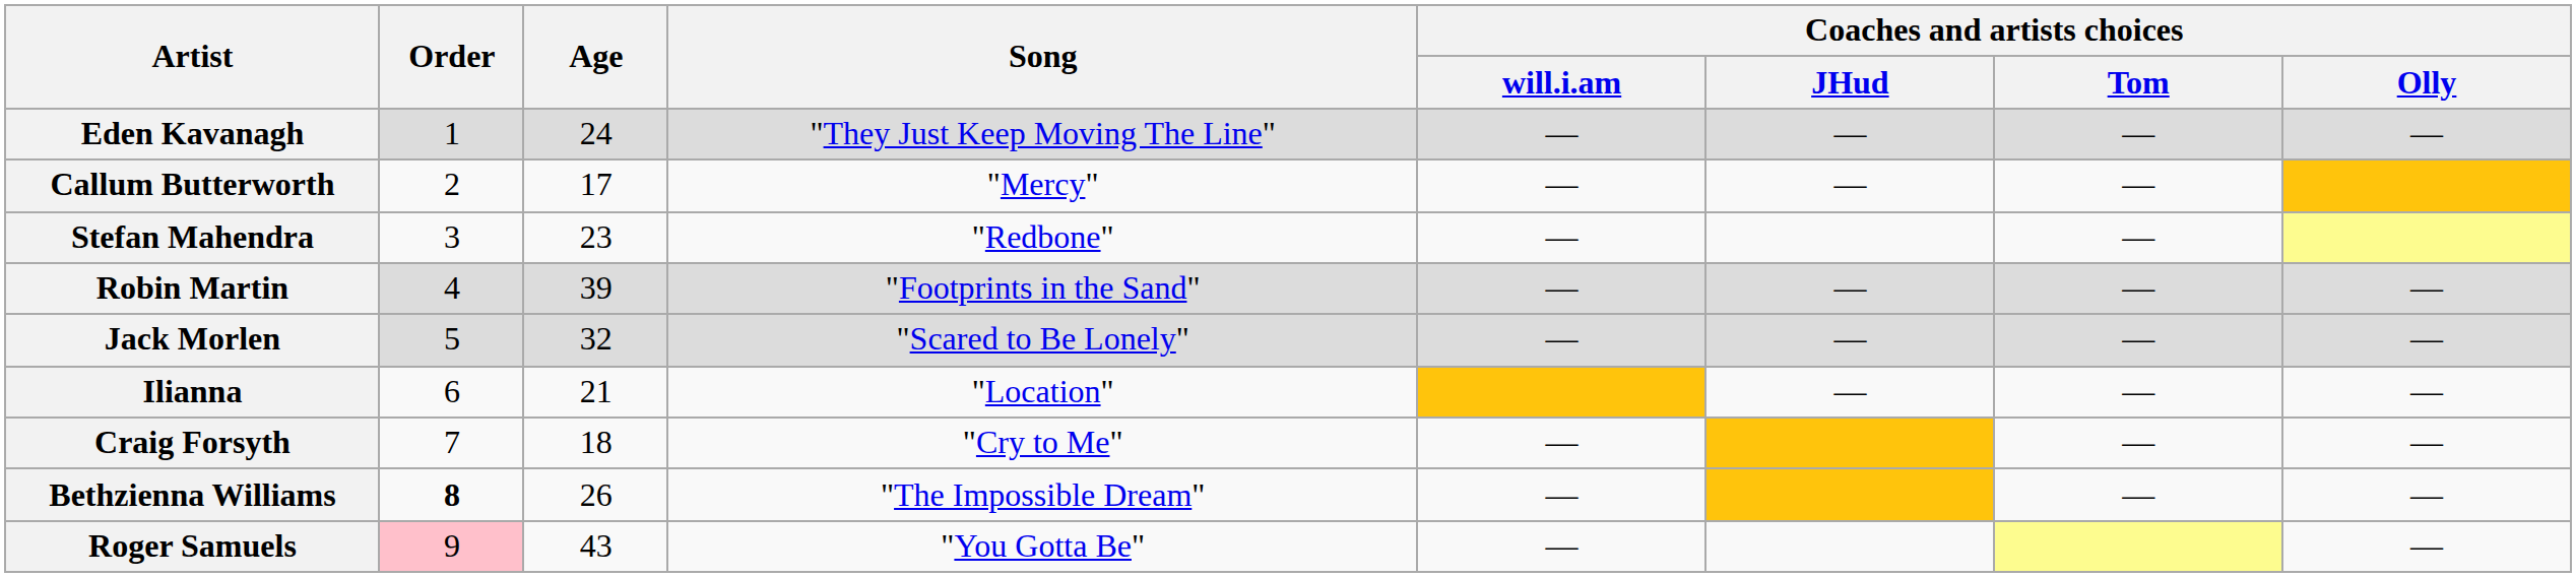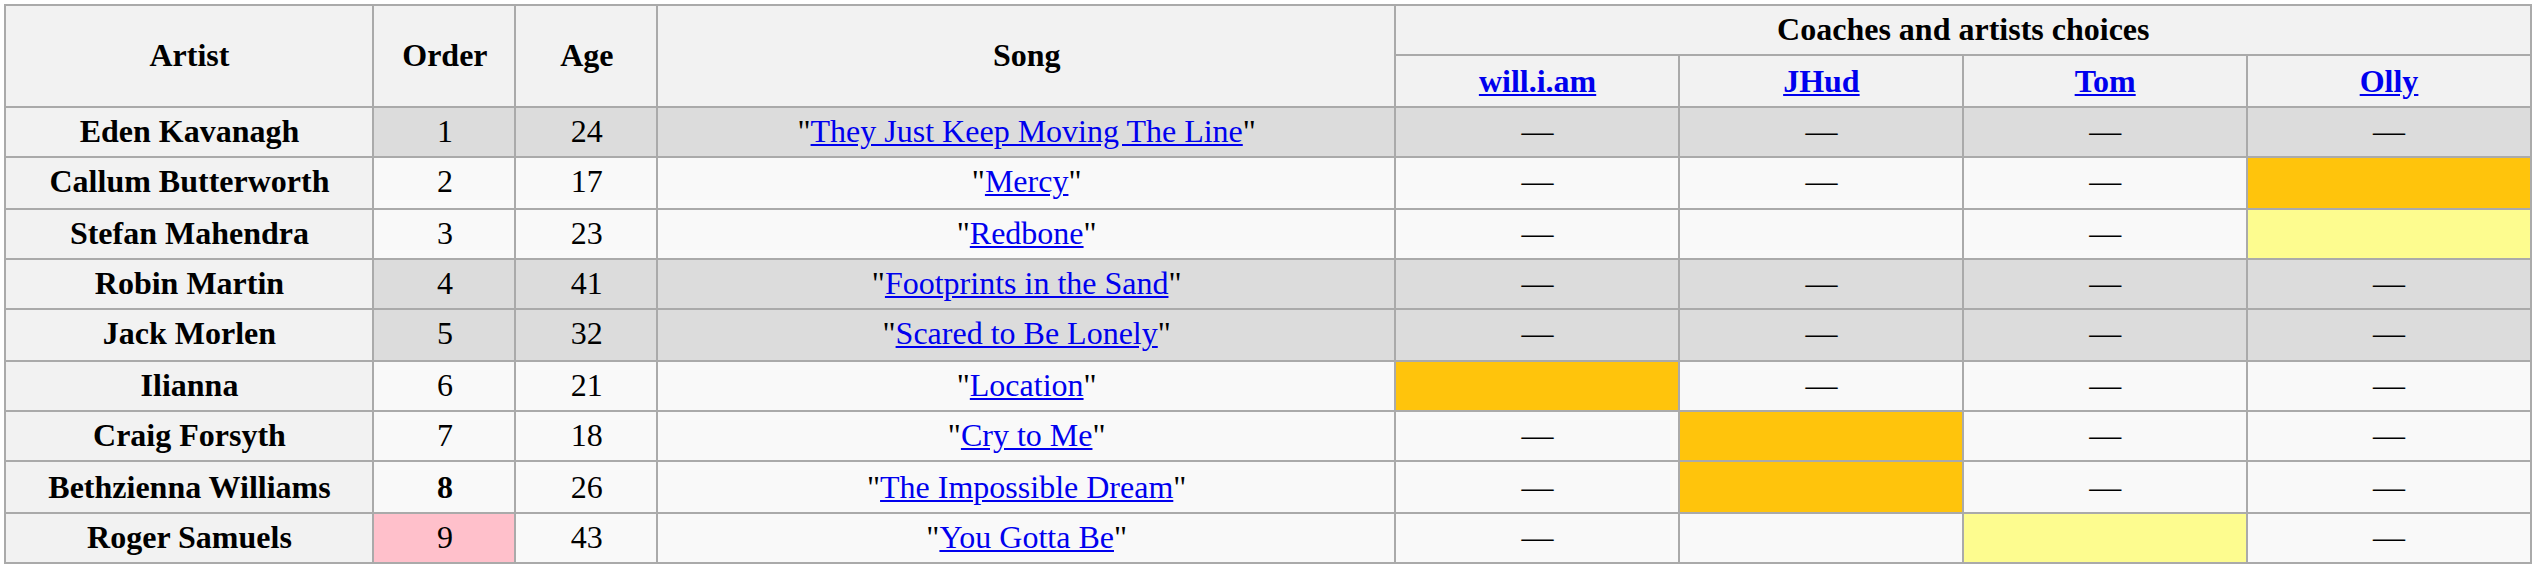 <table class="wikitable" style="text-align:center; width:100%;">
 <tr>
 <th rowspan="2" scope="col" style="width:13%;">Artist</th>
 <th rowspan="2" scope="col" style="width:05%;">Order</th>
 <th rowspan="2" scope="col" style="width:05%;">Age</th>
 <th rowspan="2" scope="col" style="width:26%;">Song</th>
 <th colspan="4" style="width:40%;">Coaches and artists choices</th>
 </tr>
 <tr>
 <th style="width:10%;"><a href='#'>will.i.am</a></th>
 <th style="width:10%;"><a href='#'>JHud</a></th>
 <th style="width:10%;"><a href='#'>Tom</a></th>
 <th style="width:10%;"><a href='#'>Olly</a></th>
 </tr>
 <tr style="background:#DCDCDC;">
 <th scope="row">Eden Kavanagh</th>
 <td>1</td>
 <td>24</td>
 <td>"<a href='#'>They Just Keep Moving The Line</a>"</td>
 <td>—</td>
 <td>—</td>
 <td>—</td>
 <td>—</td>
 </tr>
 <tr>
 <th>Callum Butterworth</th>
 <td>2</td>
 <td>17</td>
 <td>"<a href='#'>Mercy</a>"</td>
 <td>—</td>
 <td>—</td>
 <td>—</td>
 <td style="background:#FFC40C;text-align:center;"><strong></strong></td>
 </tr>
 <tr>
 <th>Stefan Mahendra</th>
 <td>3</td>
 <td>23</td>
 <td>"<a href='#'>Redbone</a>"</td>
 <td>—</td>
 <td><strong></strong></td>
 <td>—</td>
 <td style="background:#fdfc8f;"><strong></strong></td>
 </tr>
 <tr style="background:#DCDCDC;">
 <th>Robin Martin</th>
 <td>4</td>
-<td>39</td>
+<td>41</td>
 <td>"<a href='#'>Footprints in the Sand</a>"</td>
 <td>—</td>
 <td>—</td>
 <td>—</td>
 <td>—</td>
 </tr>
 <tr style="background:#DCDCDC;">
 <th>Jack Morlen</th>
 <td>5</td>
 <td>32</td>
 <td>"<a href='#'>Scared to Be Lonely</a>"</td>
 <td>—</td>
 <td>—</td>
 <td>—</td>
 <td>—</td>
 </tr>
 <tr>
 <th>Ilianna</th>
 <td>6</td>
 <td>21</td>
 <td>"<a href='#'>Location</a>"</td>
 <td style="background:#FFC40C;text-align:center;"><strong></strong></td>
 <td>—</td>
 <td>—</td>
 <td>—</td>
 </tr>
 <tr>
 <th>Craig Forsyth</th>
 <td>7</td>
 <td>18</td>
 <td>"<a href='#'>Cry to Me</a>"</td>
 <td>—</td>
 <td style="background:#FFC40C;text-align:center;"><strong></strong></td>
 <td>—</td>
 <td>—</td>
 </tr>
 <tr>
 <th>Bethzienna Williams</th>
 <td><strong>8</strong></td>
 <td>26</td>
 <td>"<a href='#'>The Impossible Dream</a>"</td>
 <td>—</td>
 <td style="background:#FFC40C;text-align:center;"><strong></strong></td>
 <td>—</td>
 <td>—</td>
 </tr>
 <tr>
 <th>Roger Samuels</th>
 <td style="background: pink;">9</td>
 <td>43</td>
 <td>"<a href='#'>You Gotta Be</a>"</td>
 <td>—</td>
 <td><strong></strong></td>
 <td style="background:#fdfc8f;"><strong></strong></td>
 <td>—</td>
 </tr>
 </table>
